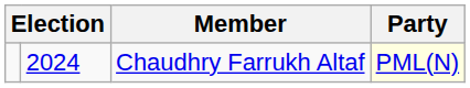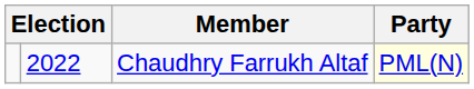 <table class="wikitable">
 <tr>
 <th colspan="2">Election</th>
 <th>Member</th>
 <th>Party</th>
 </tr>
 <tr>
 <td style="background-color: "></td>
-<td><a href='#'>2024</a></td>
+<td><a href='#'>2022</a></td>
 <td><a href='#'>Chaudhry Farrukh Altaf</a></td>
 <td style="background: lightyellow;"><a href='#'>PML(N)</a></td>
 </tr>
 </table>
